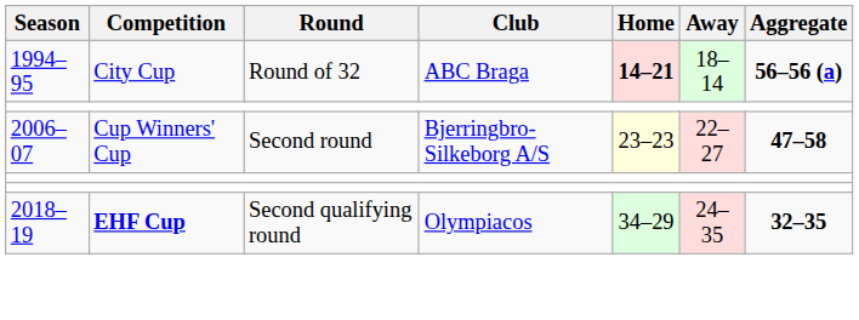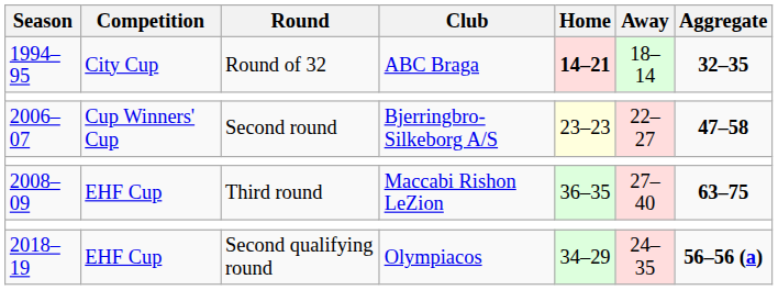 <table class="wikitable" style="text-align: left;">
 <tr>
 <th>Season</th>
 <th>Competition</th>
 <th>Round</th>
 <th>Club</th>
 <th>Home</th>
 <th>Away</th>
 <th>Aggregate</th>
 </tr>
 <tr>
 <td rowspan=1><a href='#'>1994–95</a></td>
 <td rowspan=1><a href='#'>City Cup</a></td>
 <td>Round of 32</td>
 <td> <a href='#'>ABC Braga</a></td>
 <td style="text-align:center; background:#fdd;"><strong>14–21</strong></td>
 <td style="text-align:center; background:#dfd;">18–14</td>
-<td style="text-align:center;"><strong>56–56 (<a href='#'>a</a>)</strong></td>
+<td style="text-align:center;"><strong>32–35</strong></td>
 </tr>
 <tr>
 <td colspan=7 style="text-align: center;" bgcolor=white></td>
 </tr>
 <tr>
 <td rowspan=1><a href='#'>2006–07</a></td>
 <td rowspan=1><a href='#'>Cup Winners' Cup</a></td>
 <td>Second round</td>
 <td> <a href='#'>Bjerringbro-Silkeborg A/S</a></td>
 <td style="text-align:center; background:#ffd;">23–23</td>
 <td style="text-align:center; background:#fdd;">22–27</td>
 <td style="text-align:center;"><strong>47–58</strong></td>
 </tr>
 <tr>
 <td colspan=7 style="text-align: center;" bgcolor=white></td>
 </tr>
 <tr>
+<td rowspan=1><a href='#'>2008–09</a></td>
+<td rowspan=1><a href='#'>EHF Cup</a></td>
+<td>Third round</td>
+<td> <a href='#'>Maccabi Rishon LeZion</a></td>
+<td style="text-align:center; background:#dfd;">36–35</td>
+<td style="text-align:center; background:#fdd;">27–40</td>
+<td style="text-align:center;"><strong>63–75</strong></td>
+</tr>
+<tr>
 <td colspan=7 style="text-align: center;" bgcolor=white></td>
 </tr>
 <tr>
 <td rowspan=1><a href='#'>2018–19</a></td>
-<td rowspan=1><strong><a href='#'>EHF Cup</a></strong></td>
+<td rowspan=1><a href='#'>EHF Cup</a></td>
 <td>Second qualifying round</td>
 <td> <a href='#'>Olympiacos</a></td>
 <td style="text-align:center; background:#dfd;">34–29</td>
 <td style="text-align:center; background:#fdd;">24–35</td>
-<td style="text-align:center;"><strong>32–35</strong></td>
+<td style="text-align:center;"><strong>56–56 (<a href='#'>a</a>)</strong></td>
 </tr>
 </table>
